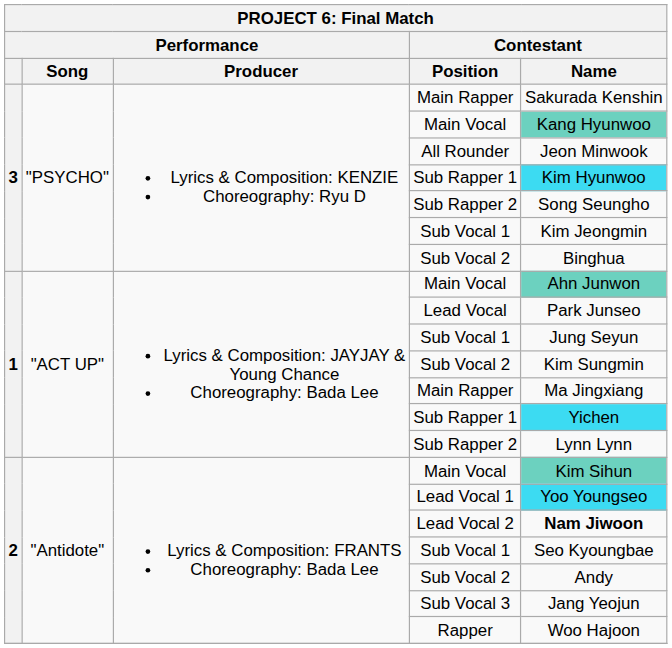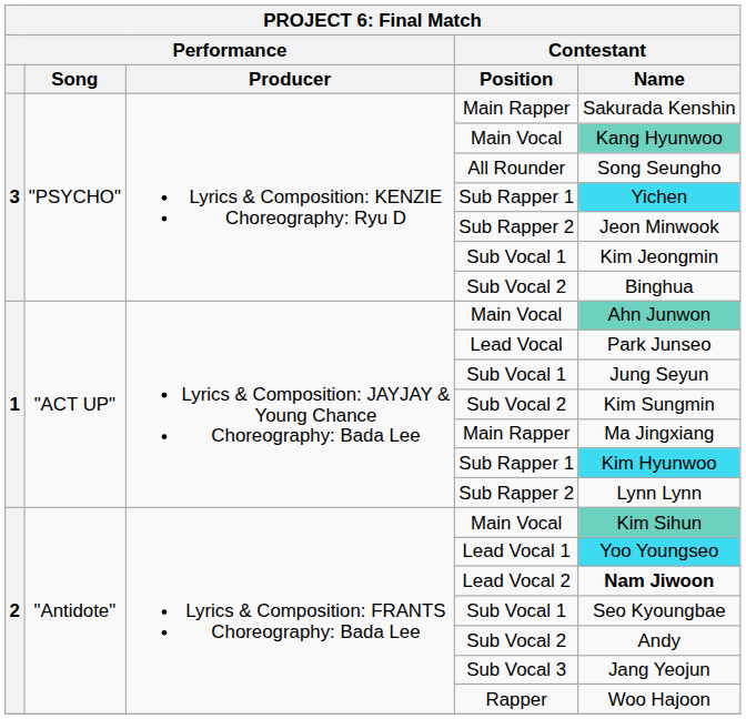 <table class="wikitable sortable mw-collapsible mw-collapsed" style="font-size:90%; text-align:center; ">
 <tr>
 <th colspan="17">PROJECT 6: Final Match</th>
 </tr>
 <tr>
 <th colspan="3">Performance</th>
 <th colspan="2">Contestant</th>
 </tr>
 <tr>
 <th></th>
 <th>Song</th>
 <th>Producer</th>
 <th>Position</th>
 <th>Name</th>
 </tr>
 <tr>
 <th rowspan="7">3</th>
 <td rowspan="7">"PSYCHO"</td>
 <td rowspan="7"><br><ul><li>Lyrics & Composition: KENZIE</li><li>Choreography: Ryu D</li></ul></td>
 <td>Main Rapper</td>
 <td>Sakurada Kenshin</td>
 </tr>
 <tr>
 <td>Main Vocal</td>
 <td style="background:#6CD1BF">Kang Hyunwoo</td>
 </tr>
 <tr>
 <td>All Rounder</td>
-<td>Jeon Minwook</td>
+<td>Song Seungho</td>
 </tr>
 <tr>
 <td>Sub Rapper 1</td>
-<td style="background:#3cdbf2">Kim Hyunwoo</td>
+<td style="background:#3cdbf2">Yichen</td>
 </tr>
 <tr>
 <td>Sub Rapper 2</td>
-<td>Song Seungho</td>
+<td>Jeon Minwook</td>
 </tr>
 <tr>
 <td>Sub Vocal 1</td>
 <td>Kim Jeongmin</td>
 </tr>
 <tr>
 <td>Sub Vocal 2</td>
 <td>Binghua</td>
 </tr>
 <tr>
 <th rowspan="7">1</th>
 <td rowspan="7">"ACT UP"</td>
 <td rowspan="7"><br><ul><li>Lyrics & Composition: JAYJAY & <br> Young Chance</li><li>Choreography: Bada Lee</li></ul></td>
 <td>Main Vocal</td>
 <td style="background:#6CD1BF">Ahn Junwon</td>
 </tr>
 <tr>
 <td>Lead Vocal</td>
 <td>Park Junseo</td>
 </tr>
 <tr>
 <td>Sub Vocal 1</td>
 <td>Jung Seyun</td>
 </tr>
 <tr>
 <td>Sub Vocal 2</td>
 <td>Kim Sungmin</td>
 </tr>
 <tr>
 <td>Main Rapper</td>
 <td>Ma Jingxiang</td>
 </tr>
 <tr>
 <td>Sub Rapper 1</td>
-<td style="background:#3cdbf2">Yichen</td>
+<td style="background:#3cdbf2">Kim Hyunwoo</td>
 </tr>
 <tr>
 <td>Sub Rapper 2</td>
 <td>Lynn Lynn</td>
 </tr>
 <tr>
 <th rowspan="7">2</th>
 <td rowspan="7">"Antidote"</td>
 <td rowspan="7"><br><ul><li>Lyrics & Composition: FRANTS</li><li>Choreography: Bada Lee</li></ul></td>
 <td>Main Vocal</td>
 <td style="background:#6CD1BF">Kim Sihun</td>
 </tr>
 <tr>
 <td>Lead Vocal 1</td>
 <td style="background:#3cdbf2">Yoo Youngseo</td>
 </tr>
 <tr>
 <td>Lead Vocal 2</td>
 <td><strong>Nam Jiwoon</strong></td>
 </tr>
 <tr>
 <td>Sub Vocal 1</td>
 <td>Seo Kyoungbae</td>
 </tr>
 <tr>
 <td>Sub Vocal 2</td>
 <td>Andy</td>
 </tr>
 <tr>
 <td>Sub Vocal 3</td>
 <td>Jang Yeojun</td>
 </tr>
 <tr>
 <td>Rapper</td>
 <td>Woo Hajoon</td>
 </tr>
 <tr>
 </tr>
 </table>
